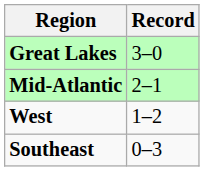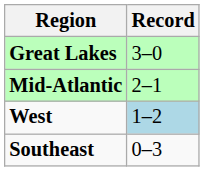 <table class="wikitable">
 <tr>
 <th>Region</th>
 <th>Record</th>
 </tr>
 <tr bgcolor=#bbffbb>
 <td><strong>Great Lakes</strong></td>
 <td>3–0</td>
 </tr>
 <tr bgcolor=#bbffbb>
 <td><strong>Mid-Atlantic</strong></td>
 <td>2–1</td>
 </tr>
 <tr>
 <td><strong>West</strong></td>
-<td>1–2</td>
+<td style="background: lightblue;">1–2</td>
 </tr>
 <tr>
 <td><strong>Southeast</strong></td>
 <td>0–3</td>
 </tr>
 </table>
